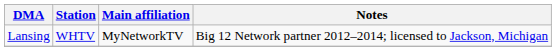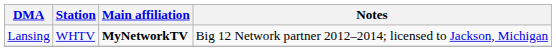 <table class="wikitable">
 <tr>
 <th><a href='#'>DMA</a></th>
 <th><a href='#'>Station</a></th>
 <th><a href='#'>Main affiliation</a> <br>  </th>
 <th>Notes</th>
 </tr>
 <tr>
 <td><a href='#'>Lansing</a></td>
 <td><a href='#'>WHTV</a></td>
-<td>MyNetworkTV</td>
+<td><strong>MyNetworkTV</strong></td>
 <td>Big 12 Network partner 2012–2014; licensed to <a href='#'>Jackson, Michigan</a></td>
 </tr>
 <tr>
 </tr>
 </table>
